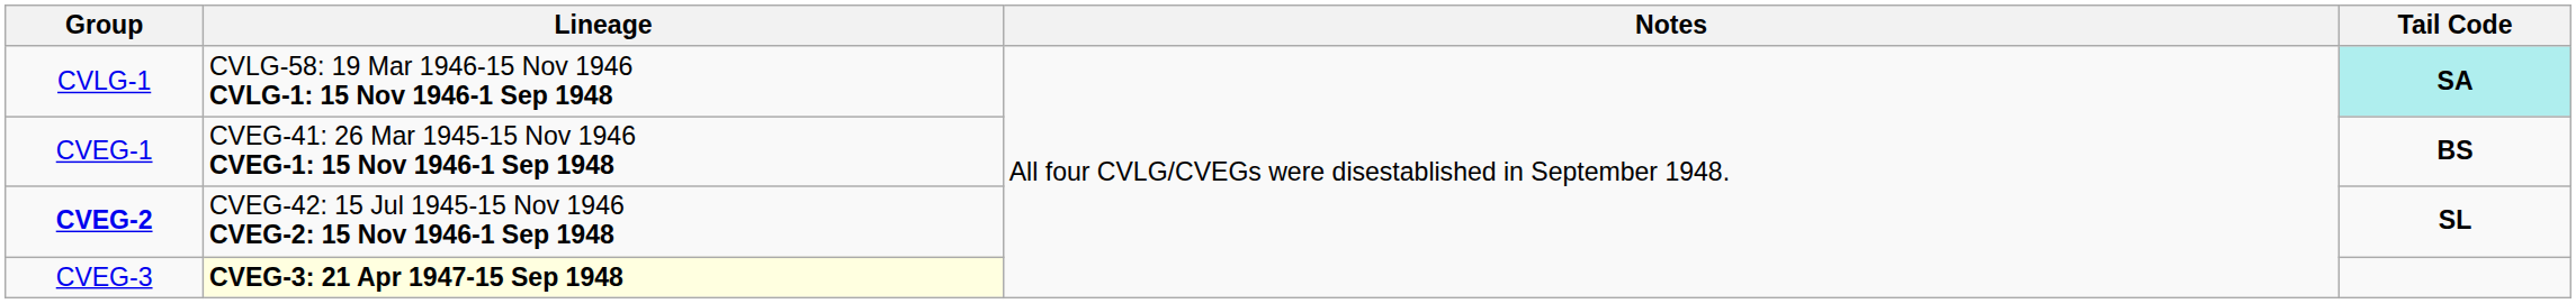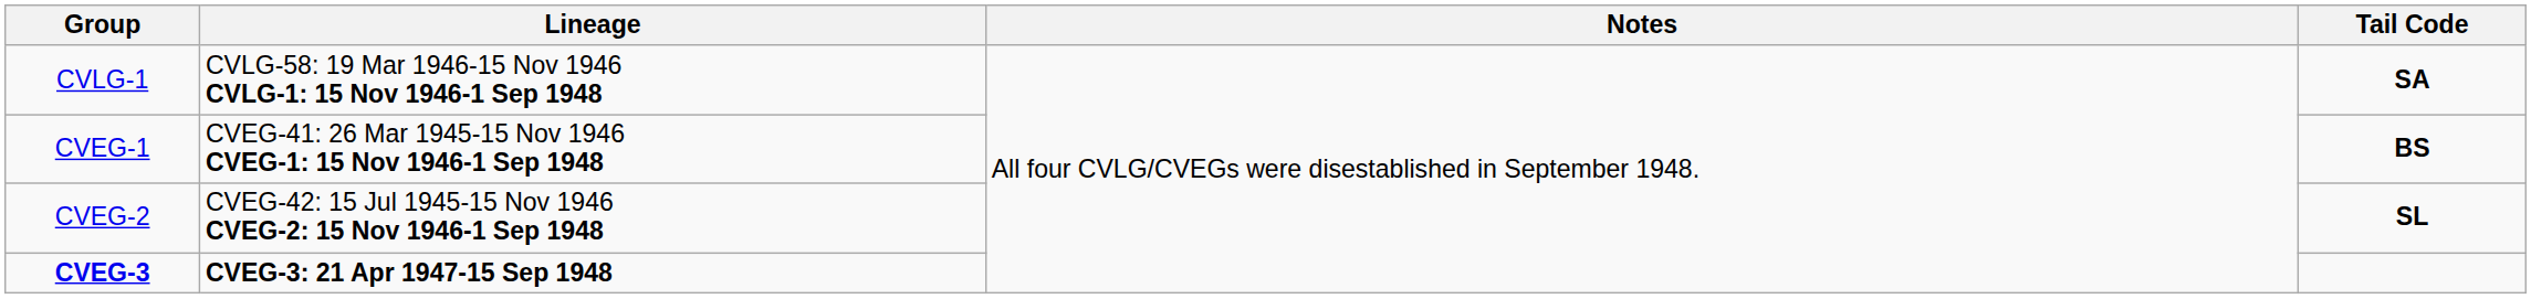 <table class="wikitable" width=100% style="text-align: left">
 <tr>
 <th colspan=1>Group</th>
 <th>Lineage</th>
 <th>Notes</th>
 <th>Tail Code</th>
 </tr>
 <tr>
 <td align=center><a href='#'>CVLG-1</a></td>
 <td style="white-space: nowrap;">CVLG-58: 19 Mar 1946-15 Nov 1946<br><strong>CVLG-1: 15 Nov 1946-1 Sep 1948</strong></td>
 <td Rowspan="4">All four CVLG/CVEGs were disestablished in September 1948.</td>
-<td align=center style="background: paleturquoise;"><strong>SA</strong></td>
+<td align=center><strong>SA</strong></td>
 </tr>
 <tr>
 <td align=center><a href='#'>CVEG-1</a></td>
 <td>CVEG-41: 26 Mar 1945-15 Nov 1946<br><strong>CVEG-1: 15 Nov 1946-1 Sep 1948</strong></td>
 <td align=center><strong>BS</strong></td>
 </tr>
 <tr>
-<td align=center><strong><a href='#'>CVEG-2</a></strong></td>
+<td align=center><a href='#'>CVEG-2</a></td>
 <td>CVEG-42: 15 Jul 1945-15 Nov 1946<br><strong>CVEG-2: 15 Nov 1946-1 Sep 1948</strong></td>
 <td align=center><strong>SL</strong></td>
 </tr>
 <tr>
-<td align=center><a href='#'>CVEG-3</a></td>
-<td style="background: lightyellow;"><strong>CVEG-3: 21 Apr 1947-15 Sep 1948</strong></td>
+<td align=center><strong><a href='#'>CVEG-3</a></strong></td>
+<td><strong>CVEG-3: 21 Apr 1947-15 Sep 1948</strong></td>
 <td></td>
 </tr>
 </table>
